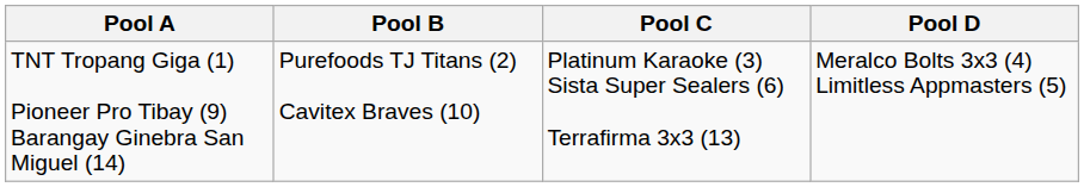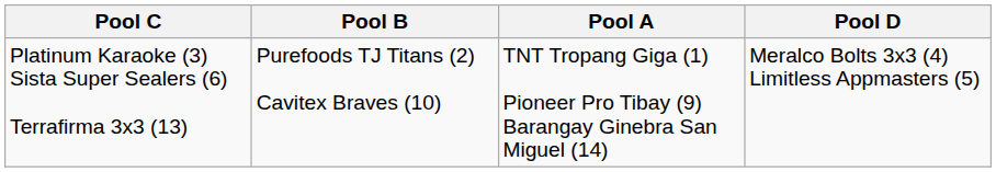 <table class=wikitable width=750>
 <tr>
+<th width=25%>Pool C</th>
+<th width=25%>Pool B</th>
 <th width=25%>Pool A</th>
-<th width=25%>Pool B</th>
-<th width=25%>Pool C</th>
 <th width=25%>Pool D</th>
 </tr>
 <tr valign=top>
+<td>Platinum Karaoke (3) <br> Sista Super Sealers (6) <br>  <br> Terrafirma 3x3 (13)</td>
+<td>Purefoods TJ Titans (2) <br>  <br> Cavitex Braves (10)</td>
 <td>TNT Tropang Giga (1) <br>  <br> Pioneer Pro Tibay (9) <br> Barangay Ginebra San Miguel (14)</td>
-<td>Purefoods TJ Titans (2) <br>  <br> Cavitex Braves (10)</td>
-<td>Platinum Karaoke (3) <br> Sista Super Sealers (6) <br>  <br> Terrafirma 3x3 (13)</td>
 <td>Meralco Bolts 3x3 (4) <br> Limitless Appmasters (5) <br> </td>
 </tr>
 </table>
